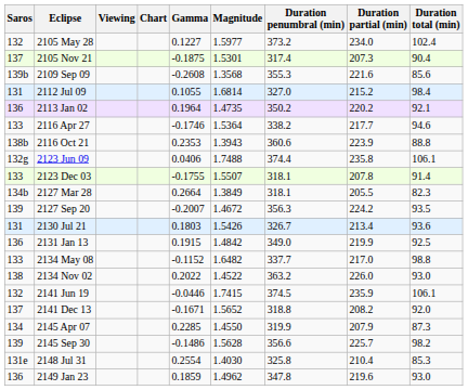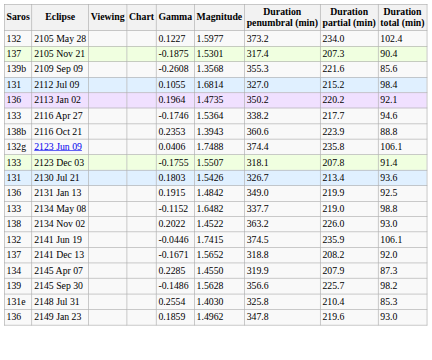 <table class="wikitable sortable">
 <tr>
 <th>Saros</th>
 <th>Eclipse</th>
 <th>Viewing</th>
 <th>Chart</th>
 <th>Gamma</th>
 <th>Magnitude</th>
 <th>Duration<br>penumbral (min)</th>
 <th>Duration<br>partial (min)</th>
 <th>Duration<br>total (min)</th>
 </tr>
 <tr>
 <td>132</td>
 <td>2105 May 28</td>
 <td></td>
 <td></td>
 <td>0.1227</td>
 <td>1.5977</td>
 <td>373.2</td>
 <td>234.0</td>
 <td>102.4</td>
 </tr>
 <tr bgcolor="#f0ffe0">
 <td>137</td>
 <td>2105 Nov 21</td>
 <td></td>
 <td></td>
 <td>-0.1875</td>
 <td>1.5301</td>
 <td>317.4</td>
 <td>207.3</td>
 <td>90.4</td>
 </tr>
 <tr>
 <td>139b</td>
 <td>2109 Sep 09</td>
 <td></td>
 <td></td>
 <td>-0.2608</td>
 <td>1.3568</td>
 <td>355.3</td>
 <td>221.6</td>
 <td>85.6</td>
 </tr>
 <tr bgcolor="#e0f0ff">
 <td>131</td>
 <td>2112 Jul 09</td>
 <td></td>
 <td></td>
 <td>0.1055</td>
 <td>1.6814</td>
 <td>327.0</td>
 <td>215.2</td>
 <td>98.4</td>
 </tr>
 <tr bgcolor="#f0e0ff">
 <td>136</td>
 <td>2113 Jan 02</td>
 <td></td>
 <td></td>
 <td>0.1964</td>
 <td>1.4735</td>
 <td>350.2</td>
 <td>220.2</td>
 <td>92.1</td>
 </tr>
 <tr>
 <td>133</td>
 <td>2116 Apr 27</td>
 <td></td>
 <td></td>
 <td>-0.1746</td>
 <td>1.5364</td>
 <td>338.2</td>
 <td>217.7</td>
 <td>94.6</td>
 </tr>
 <tr>
 <td>138b</td>
 <td>2116 Oct 21</td>
 <td></td>
 <td></td>
 <td>0.2353</td>
 <td>1.3943</td>
 <td>360.6</td>
 <td>223.9</td>
 <td>88.8</td>
 </tr>
 <tr>
 <td>132g</td>
 <td><a href='#'>2123 Jun 09</a></td>
 <td></td>
 <td></td>
 <td>0.0406</td>
 <td>1.7488</td>
 <td>374.4</td>
 <td>235.8</td>
 <td>106.1</td>
 </tr>
 <tr bgcolor="#f0ffe0">
 <td>133</td>
 <td>2123 Dec 03</td>
 <td></td>
 <td></td>
 <td>-0.1755</td>
 <td>1.5507</td>
 <td>318.1</td>
 <td>207.8</td>
 <td>91.4</td>
 </tr>
-<tr>
-<td>134b</td>
-<td>2127 Mar 28</td>
-<td></td>
-<td></td>
-<td>0.2664</td>
-<td>1.3849</td>
-<td>318.1</td>
-<td>205.5</td>
-<td>82.3</td>
-</tr>
-<tr>
-<td>139</td>
-<td>2127 Sep 20</td>
-<td></td>
-<td></td>
-<td>-0.2007</td>
-<td>1.4672</td>
-<td>356.3</td>
-<td>224.2</td>
-<td>93.5</td>
-</tr>
 <tr bgcolor="#e0f0ff">
 <td>131</td>
 <td>2130 Jul 21</td>
 <td></td>
 <td></td>
 <td>0.1803</td>
 <td>1.5426</td>
 <td>326.7</td>
 <td>213.4</td>
 <td>93.6</td>
 </tr>
 <tr>
 <td>136</td>
 <td>2131 Jan 13</td>
 <td></td>
 <td></td>
 <td>0.1915</td>
 <td>1.4842</td>
 <td>349.0</td>
 <td>219.9</td>
 <td>92.5</td>
 </tr>
 <tr>
 <td>133</td>
 <td>2134 May 08</td>
 <td></td>
 <td></td>
 <td>-0.1152</td>
 <td>1.6482</td>
 <td>337.7</td>
-<td>217.0</td>
+<td>219.0</td>
 <td>98.8</td>
 </tr>
 <tr>
 <td>138</td>
 <td>2134 Nov 02</td>
 <td></td>
 <td></td>
 <td>0.2022</td>
 <td>1.4522</td>
 <td>363.2</td>
 <td>226.0</td>
 <td>93.0</td>
 </tr>
 <tr>
 <td>132</td>
 <td>2141 Jun 19</td>
 <td></td>
 <td></td>
 <td>-0.0446</td>
 <td>1.7415</td>
 <td>374.5</td>
 <td>235.9</td>
 <td>106.1</td>
 </tr>
 <tr>
 <td>137</td>
 <td>2141 Dec 13</td>
 <td></td>
 <td></td>
 <td>-0.1671</td>
 <td>1.5652</td>
 <td>318.8</td>
 <td>208.2</td>
 <td>92.0</td>
 </tr>
 <tr>
 <td>134</td>
 <td>2145 Apr 07</td>
 <td></td>
 <td></td>
 <td>0.2285</td>
 <td>1.4550</td>
 <td>319.9</td>
 <td>207.9</td>
 <td>87.3</td>
 </tr>
 <tr>
 <td>139</td>
 <td>2145 Sep 30</td>
 <td></td>
 <td></td>
 <td>-0.1486</td>
 <td>1.5628</td>
 <td>356.6</td>
 <td>225.7</td>
 <td>98.2</td>
 </tr>
 <tr>
 <td>131e</td>
 <td>2148 Jul 31</td>
 <td></td>
 <td></td>
 <td>0.2554</td>
 <td>1.4030</td>
 <td>325.8</td>
 <td>210.4</td>
 <td>85.3</td>
 </tr>
 <tr>
 <td>136</td>
 <td>2149 Jan 23</td>
 <td></td>
 <td></td>
 <td>0.1859</td>
 <td>1.4962</td>
 <td>347.8</td>
 <td>219.6</td>
 <td>93.0</td>
 </tr>
 </table>
